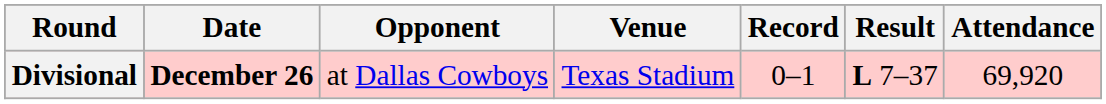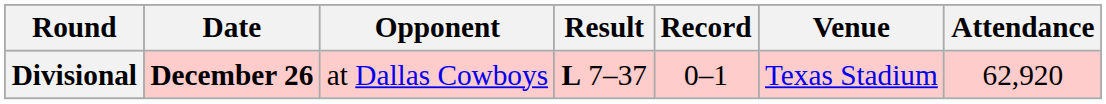 <table class="wikitable" style="text-align:center">
 <tr>
 <th>Round</th>
 <th>Date</th>
 <th>Opponent</th>
+<th>Result</th>
+<th>Record</th>
 <th>Venue</th>
-<th>Record</th>
-<th>Result</th>
 <th>Attendance</th>
 </tr>
 <tr style="background:#fcc">
 <th>Divisional</th>
 <td><strong>December 26</strong></td>
 <td>at <a href='#'>Dallas Cowboys</a></td>
+<td><strong>L</strong> 7–37</td>
+<td>0–1</td>
 <td><a href='#'>Texas Stadium</a></td>
-<td>0–1</td>
-<td><strong>L</strong> 7–37</td>
-<td>69,920</td>
+<td>62,920</td>
 </tr>
 </table>
